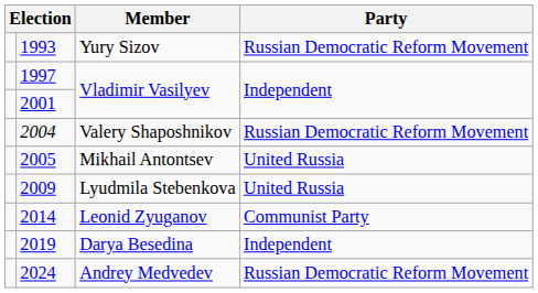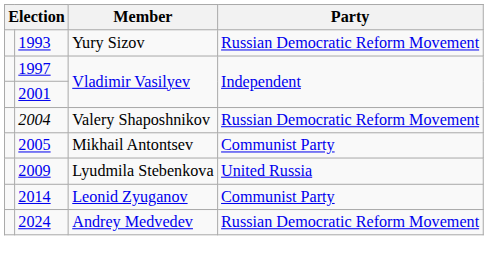 <table class="wikitable">
 <tr>
 <th colspan="2">Election</th>
 <th>Member</th>
 <th>Party</th>
 </tr>
 <tr>
 <td style="background-color:"></td>
 <td><a href='#'>1993</a></td>
 <td>Yury Sizov</td>
 <td><a href='#'>Russian Democratic Reform Movement</a></td>
 </tr>
 <tr>
 <td style="background-color:"></td>
 <td><a href='#'>1997</a></td>
 <td rowspan=2><a href='#'>Vladimir Vasilyev</a></td>
 <td rowspan=2><a href='#'>Independent</a></td>
 </tr>
 <tr>
 <td style="background-color:"></td>
 <td><a href='#'>2001</a></td>
 </tr>
 <tr>
 <td style="background-color:"></td>
 <td><em>2004</em></td>
 <td>Valery Shaposhnikov</td>
 <td><a href='#'>Russian Democratic Reform Movement</a></td>
 </tr>
 <tr>
 <td style="background-color:"></td>
 <td><a href='#'>2005</a></td>
 <td>Mikhail Antontsev</td>
-<td><a href='#'>United Russia</a></td>
+<td><a href='#'>Communist Party</a></td>
 </tr>
 <tr>
 <td style="background-color:"></td>
 <td><a href='#'>2009</a></td>
 <td>Lyudmila Stebenkova</td>
 <td><a href='#'>United Russia</a></td>
 </tr>
 <tr>
 <td style="background-color:"></td>
 <td><a href='#'>2014</a></td>
 <td><a href='#'>Leonid Zyuganov</a></td>
 <td><a href='#'>Communist Party</a></td>
 </tr>
 <tr>
 <td style="background-color:"></td>
-<td><a href='#'>2019</a></td>
-<td><a href='#'>Darya Besedina</a></td>
-<td><a href='#'>Independent</a></td>
-</tr>
-<tr>
-<td style="background-color:"></td>
 <td><a href='#'>2024</a></td>
 <td><a href='#'>Andrey Medvedev</a></td>
 <td><a href='#'>Russian Democratic Reform Movement</a></td>
 </tr>
 </table>
